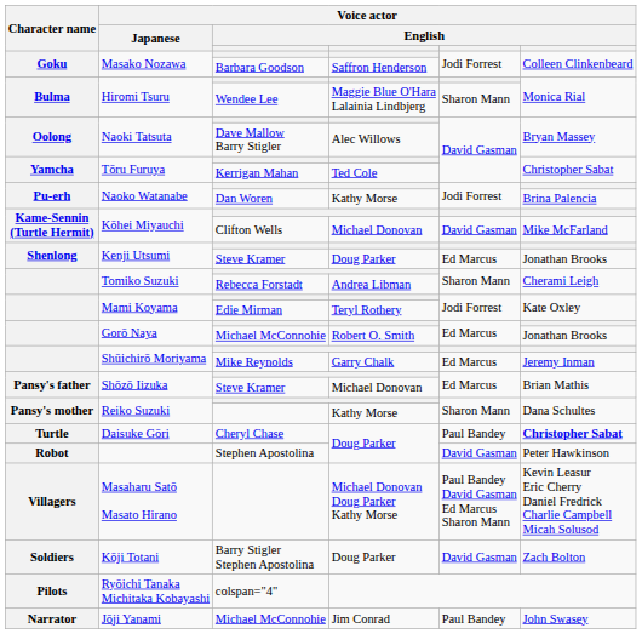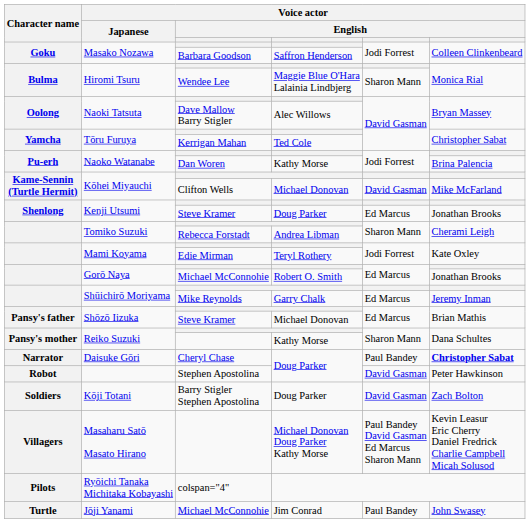 <table class="wikitable mw-collapsible plainrowheaders">
 <tr>
 <th rowspan="3">Character name</th>
 <th colspan="5">Voice actor</th>
 </tr>
 <tr>
 <th rowspan="2">Japanese</th>
 <th colspan="4">English</th>
 </tr>
 <tr>
 <th></th>
 <th></th>
 <th></th>
 <th></th>
 </tr>
 <tr>
 <th scope="row" rowspan="2"><a href='#'>Goku</a></th>
 <td rowspan="2"><a href='#'>Masako Nozawa</a></td>
 <th></th>
 <th></th>
 <td rowspan="2">Jodi Forrest</td>
 <td rowspan="2"><a href='#'>Colleen Clinkenbeard</a></td>
 </tr>
 <tr>
 <td><a href='#'>Barbara Goodson</a></td>
 <td><a href='#'>Saffron Henderson</a></td>
 </tr>
 <tr>
 <th scope="row" rowspan="2"><a href='#'>Bulma</a></th>
 <td rowspan="2"><a href='#'>Hiromi Tsuru</a></td>
 <th></th>
 <th></th>
 <th></th>
 <td rowspan="2"><a href='#'>Monica Rial</a></td>
 </tr>
 <tr>
 <td><a href='#'>Wendee Lee</a></td>
 <td><a href='#'>Maggie Blue O'Hara</a><br>Lalainia Lindbjerg </td>
 <td>Sharon Mann</td>
 </tr>
 <tr>
 <th scope="row" rowspan="2"><a href='#'>Oolong</a></th>
 <td rowspan="2"><a href='#'>Naoki Tatsuta</a></td>
 <th></th>
 <th></th>
 <td rowspan="4"><a href='#'>David Gasman</a></td>
 <td rowspan="2"><a href='#'>Bryan Massey</a></td>
 </tr>
 <tr>
 <td><a href='#'>Dave Mallow</a><br>Barry Stigler </td>
 <td>Alec Willows</td>
 </tr>
 <tr>
 <th scope="row" rowspan="2"><a href='#'>Yamcha</a></th>
 <td rowspan="2"><a href='#'>Tōru Furuya</a></td>
 <th></th>
 <th></th>
 <td rowspan="2"><a href='#'>Christopher Sabat</a></td>
 </tr>
 <tr>
 <td><a href='#'>Kerrigan Mahan</a></td>
 <td><a href='#'>Ted Cole</a></td>
 </tr>
 <tr>
 <th scope="row" rowspan="2"><a href='#'>Pu-erh</a></th>
 <td rowspan="2"><a href='#'>Naoko Watanabe</a></td>
 <th></th>
 <th></th>
 <td rowspan="2">Jodi Forrest</td>
 <th></th>
 </tr>
 <tr>
 <td><a href='#'>Dan Woren</a></td>
 <td>Kathy Morse</td>
 <td><a href='#'>Brina Palencia</a></td>
 </tr>
 <tr>
 <th scope="row" rowspan="2"><a href='#'>Kame-Sennin<br>(Turtle Hermit)</a></th>
 <td rowspan="2"><a href='#'>Kōhei Miyauchi</a></td>
 <th colspan="2"></th>
 <th></th>
 <th></th>
 </tr>
 <tr>
 <td>Clifton Wells</td>
 <td><a href='#'>Michael Donovan</a></td>
 <td><a href='#'>David Gasman</a></td>
 <td><a href='#'>Mike McFarland</a></td>
 </tr>
 <tr>
 <th scope="row" rowspan="2"><a href='#'>Shenlong</a></th>
 <td rowspan="2"><a href='#'>Kenji Utsumi</a></td>
 <th></th>
 <th></th>
 <th></th>
 <th></th>
 </tr>
 <tr>
 <td><a href='#'>Steve Kramer</a></td>
 <td><a href='#'>Doug Parker</a></td>
 <td>Ed Marcus</td>
 <td>Jonathan Brooks</td>
 </tr>
 <tr>
 <th scope="row" rowspan="2"></th>
 <td rowspan="2"><a href='#'>Tomiko Suzuki</a></td>
 <th colspan="2"></th>
 <td rowspan="2">Sharon Mann</td>
 <td rowspan="2"><a href='#'>Cherami Leigh</a></td>
 </tr>
 <tr>
 <td><a href='#'>Rebecca Forstadt</a></td>
 <td><a href='#'>Andrea Libman</a></td>
 </tr>
 <tr>
 <th scope="row" rowspan="2"></th>
 <td rowspan="2"><a href='#'>Mami Koyama</a></td>
 <th></th>
 <th></th>
 <td rowspan="2">Jodi Forrest</td>
 <td rowspan="2">Kate Oxley</td>
 </tr>
 <tr>
 <td><a href='#'>Edie Mirman</a></td>
 <td><a href='#'>Teryl Rothery</a></td>
 </tr>
 <tr>
 <th scope="row" rowspan="2"></th>
 <td rowspan="2"><a href='#'>Gorō Naya</a></td>
 <th></th>
 <th></th>
 <td rowspan="2">Ed Marcus</td>
 <th></th>
 </tr>
 <tr>
 <td><a href='#'>Michael McConnohie</a></td>
 <td><a href='#'>Robert O. Smith</a></td>
 <td>Jonathan Brooks</td>
 </tr>
 <tr>
 <th scope="row" rowspan="2"></th>
 <td rowspan="2"><a href='#'>Shūichirō Moriyama</a></td>
 <th colspan="2"></th>
 <th></th>
 <th></th>
 </tr>
 <tr>
 <td><a href='#'>Mike Reynolds</a></td>
 <td><a href='#'>Garry Chalk</a></td>
 <td>Ed Marcus</td>
 <td><a href='#'>Jeremy Inman</a></td>
 </tr>
 <tr>
 <th scope="row" rowspan="2">Pansy's father</th>
 <td rowspan="2"><a href='#'>Shōzō Iizuka</a></td>
 <th colspan="2"></th>
 <td rowspan="2">Ed Marcus</td>
 <td rowspan="2">Brian Mathis</td>
 </tr>
 <tr>
 <td><a href='#'>Steve Kramer</a></td>
 <td>Michael Donovan</td>
 </tr>
 <tr>
 <th scope="row" rowspan="2">Pansy's mother</th>
 <td rowspan="2"><a href='#'>Reiko Suzuki</a></td>
 <th colspan="2"></th>
 <td rowspan="2">Sharon Mann</td>
 <td rowspan="2">Dana Schultes</td>
 </tr>
 <tr>
 <td></td>
 <td>Kathy Morse</td>
 </tr>
 <tr>
-<th scope="row">Turtle</th>
+<th scope="row">Narrator</th>
 <td><a href='#'>Daisuke Gōri</a></td>
 <td><a href='#'>Cheryl Chase</a></td>
 <td rowspan="2"><a href='#'>Doug Parker</a></td>
 <td>Paul Bandey</td>
 <td><strong><a href='#'>Christopher Sabat</a></strong></td>
 </tr>
 <tr>
 <th scope="row">Robot</th>
 <td></td>
 <td>Stephen Apostolina</td>
 <td><a href='#'>David Gasman</a></td>
 <td>Peter Hawkinson</td>
 </tr>
 <tr>
+<th scope="row">Soldiers</th>
+<td><a href='#'>Kōji Totani</a></td>
+<td>Barry Stigler<br>Stephen Apostolina</td>
+<td>Doug Parker</td>
+<td><a href='#'>David Gasman</a></td>
+<td><a href='#'>Zach Bolton</a></td>
+</tr>
+<tr>
 <th scope="row">Villagers</th>
 <td><a href='#'>Masaharu Satō</a><br><br><a href='#'>Masato Hirano</a></td>
 <td></td>
 <td><a href='#'>Michael Donovan</a><br><a href='#'>Doug Parker</a><br>Kathy Morse</td>
 <td>Paul Bandey<br><a href='#'>David Gasman</a><br>Ed Marcus<br>Sharon Mann</td>
 <td>Kevin Leasur<br>Eric Cherry<br>Daniel Fredrick<br><a href='#'>Charlie Campbell</a><br><a href='#'>Micah Solusod</a></td>
 </tr>
 <tr>
-<th scope="row">Soldiers</th>
-<td><a href='#'>Kōji Totani</a></td>
-<td>Barry Stigler<br>Stephen Apostolina</td>
-<td>Doug Parker</td>
-<td><a href='#'>David Gasman</a></td>
-<td><a href='#'>Zach Bolton</a></td>
-</tr>
-<tr>
 <th scope="row">Pilots</th>
 <td><a href='#'>Ryōichi Tanaka</a><br><a href='#'>Michitaka Kobayashi</a></td>
 <td>colspan="4" </td>
 </tr>
 <tr>
-<th scope="row">Narrator</th>
+<th scope="row">Turtle</th>
 <td><a href='#'>Jōji Yanami</a></td>
 <td><a href='#'>Michael McConnohie</a></td>
 <td>Jim Conrad</td>
 <td>Paul Bandey</td>
 <td><a href='#'>John Swasey</a></td>
 </tr>
 </table>
